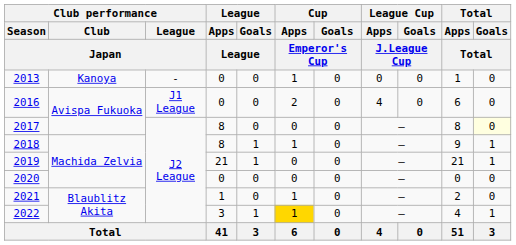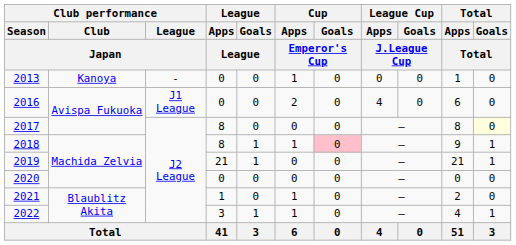 <table class="wikitable" style="text-align:center;">
 <tr>
 <th colspan=3>Club performance</th>
 <th colspan=2>League</th>
 <th colspan=2>Cup</th>
 <th colspan=2>League Cup</th>
 <th colspan=2>Total</th>
 </tr>
 <tr>
 <th>Season</th>
 <th>Club</th>
 <th>League</th>
 <th>Apps</th>
 <th>Goals</th>
 <th>Apps</th>
 <th>Goals</th>
 <th>Apps</th>
 <th>Goals</th>
 <th>Apps</th>
 <th>Goals</th>
 </tr>
 <tr>
 <th colspan=3>Japan</th>
 <th colspan=2>League</th>
 <th colspan=2><a href='#'>Emperor's Cup</a></th>
 <th colspan=2><a href='#'>J.League Cup</a></th>
 <th colspan=2>Total</th>
 </tr>
 <tr>
 <td><a href='#'>2013</a></td>
 <td><a href='#'>Kanoya</a></td>
 <td>-</td>
 <td>0</td>
 <td>0</td>
 <td>1</td>
 <td>0</td>
 <td>0</td>
 <td>0</td>
 <td>1</td>
 <td>0</td>
 </tr>
 <tr>
 <td><a href='#'>2016</a></td>
 <td rowspan="2"><a href='#'>Avispa Fukuoka</a></td>
 <td><a href='#'>J1 League</a></td>
 <td>0</td>
 <td>0</td>
 <td>2</td>
 <td>0</td>
 <td>4</td>
 <td>0</td>
 <td>6</td>
 <td>0</td>
 </tr>
 <tr>
 <td><a href='#'>2017</a></td>
 <td rowspan="6"><a href='#'>J2 League</a></td>
 <td>8</td>
 <td>0</td>
 <td>0</td>
 <td>0</td>
 <td colspan="2">–</td>
 <td>8</td>
 <td style="background: lightyellow;">0</td>
 </tr>
 <tr>
 <td><a href='#'>2018</a></td>
 <td rowspan="3"><a href='#'>Machida Zelvia</a></td>
 <td>8</td>
 <td>1</td>
 <td>1</td>
-<td>0</td>
+<td style="background: pink;">0</td>
 <td colspan="2">–</td>
 <td>9</td>
 <td>1</td>
 </tr>
 <tr>
 <td><a href='#'>2019</a></td>
 <td>21</td>
 <td>1</td>
 <td>0</td>
 <td>0</td>
 <td colspan="2">–</td>
 <td>21</td>
 <td>1</td>
 </tr>
 <tr>
 <td><a href='#'>2020</a></td>
 <td>0</td>
 <td>0</td>
 <td>0</td>
 <td>0</td>
 <td colspan="2">–</td>
 <td>0</td>
 <td>0</td>
 </tr>
 <tr>
 <td><a href='#'>2021</a></td>
 <td rowspan="2"><a href='#'>Blaublitz Akita</a></td>
 <td>1</td>
 <td>0</td>
 <td>1</td>
 <td>0</td>
 <td colspan="2">–</td>
 <td>2</td>
 <td>0</td>
 </tr>
 <tr>
 <td><a href='#'>2022</a></td>
 <td>3</td>
 <td>1</td>
-<td style="background: gold;">1</td>
+<td>1</td>
 <td>0</td>
 <td colspan="2">–</td>
 <td>4</td>
 <td>1</td>
 </tr>
 <tr>
 <th colspan=3>Total</th>
 <th>41</th>
 <th>3</th>
 <th>6</th>
 <th>0</th>
 <th>4</th>
 <th>0</th>
 <th>51</th>
 <th>3</th>
 </tr>
 </table>
